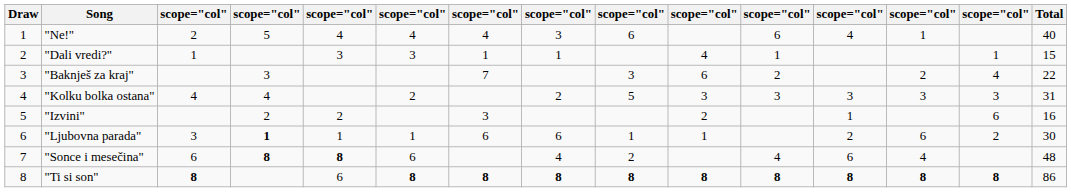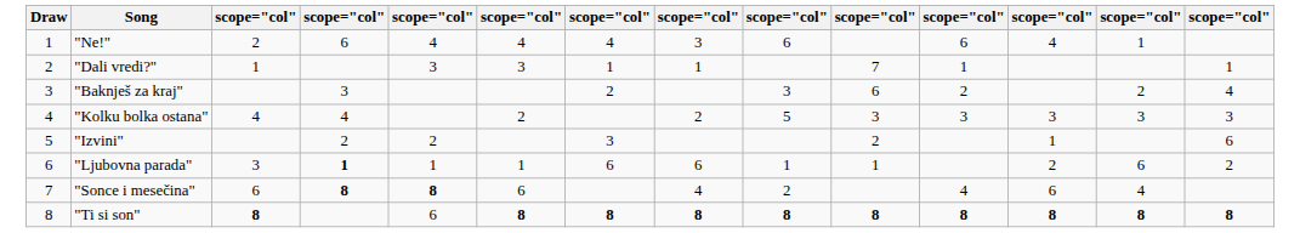 <table class="wikitable mw-collapsible collapsible" style="margin: 1em auto 1em auto; text-align:center;">
 <tr>
 <th>Draw</th>
 <th>Song</th>
 <th>scope="col" </th>
 <th>scope="col" </th>
 <th>scope="col" </th>
 <th>scope="col" </th>
 <th>scope="col" </th>
 <th>scope="col" </th>
 <th>scope="col" </th>
 <th>scope="col" </th>
 <th>scope="col" </th>
 <th>scope="col" </th>
 <th>scope="col" </th>
 <th>scope="col" </th>
-<th>Total</th>
 </tr>
 <tr>
 <td>1</td>
 <td align="left">"Ne!"</td>
 <td>2</td>
-<td>5</td>
+<td>6</td>
 <td>4</td>
 <td>4</td>
 <td>4</td>
 <td>3</td>
 <td>6</td>
 <td></td>
 <td>6</td>
 <td>4</td>
 <td>1</td>
 <td></td>
-<td>40</td>
 </tr>
 <tr>
 <td>2</td>
 <td align="left">"Dali vredi?"</td>
 <td>1</td>
 <td></td>
 <td>3</td>
 <td>3</td>
 <td>1</td>
 <td>1</td>
 <td></td>
-<td>4</td>
+<td>7</td>
 <td>1</td>
 <td></td>
 <td></td>
 <td>1</td>
-<td>15</td>
 </tr>
 <tr>
 <td>3</td>
 <td align="left">"Baknješ za kraj"</td>
 <td></td>
 <td>3</td>
 <td></td>
 <td></td>
-<td>7</td>
+<td>2</td>
 <td></td>
 <td>3</td>
 <td>6</td>
 <td>2</td>
 <td></td>
 <td>2</td>
 <td>4</td>
-<td>22</td>
 </tr>
 <tr>
 <td>4</td>
 <td align="left">"Kolku bolka ostana"</td>
 <td>4</td>
 <td>4</td>
 <td></td>
 <td>2</td>
 <td></td>
 <td>2</td>
 <td>5</td>
 <td>3</td>
 <td>3</td>
 <td>3</td>
 <td>3</td>
 <td>3</td>
-<td>31</td>
 </tr>
 <tr>
 <td>5</td>
 <td align="left">"Izvini"</td>
 <td></td>
 <td>2</td>
 <td>2</td>
 <td></td>
 <td>3</td>
 <td></td>
 <td></td>
 <td>2</td>
 <td></td>
 <td>1</td>
 <td></td>
 <td>6</td>
-<td>16</td>
 </tr>
 <tr>
 <td>6</td>
 <td align="left">"Ljubovna parada"</td>
 <td>3</td>
 <td><strong>1</strong></td>
 <td>1</td>
 <td>1</td>
 <td>6</td>
 <td>6</td>
 <td>1</td>
 <td>1</td>
 <td></td>
 <td>2</td>
 <td>6</td>
 <td>2</td>
-<td>30</td>
 </tr>
 <tr>
 <td>7</td>
 <td align="left">"Sonce i mesečina"</td>
 <td>6</td>
 <td><strong>8</strong></td>
 <td><strong>8</strong></td>
 <td>6</td>
 <td></td>
 <td>4</td>
 <td>2</td>
 <td></td>
 <td>4</td>
 <td>6</td>
 <td>4</td>
 <td></td>
-<td>48</td>
 </tr>
 <tr>
 <td>8</td>
 <td align="left">"Ti si son"</td>
 <td><strong>8</strong></td>
 <td></td>
 <td>6</td>
 <td><strong>8</strong></td>
 <td><strong>8</strong></td>
 <td><strong>8</strong></td>
 <td><strong>8</strong></td>
 <td><strong>8</strong></td>
 <td><strong>8</strong></td>
 <td><strong>8</strong></td>
 <td><strong>8</strong></td>
 <td><strong>8</strong></td>
-<td>86</td>
 </tr>
 </table>
